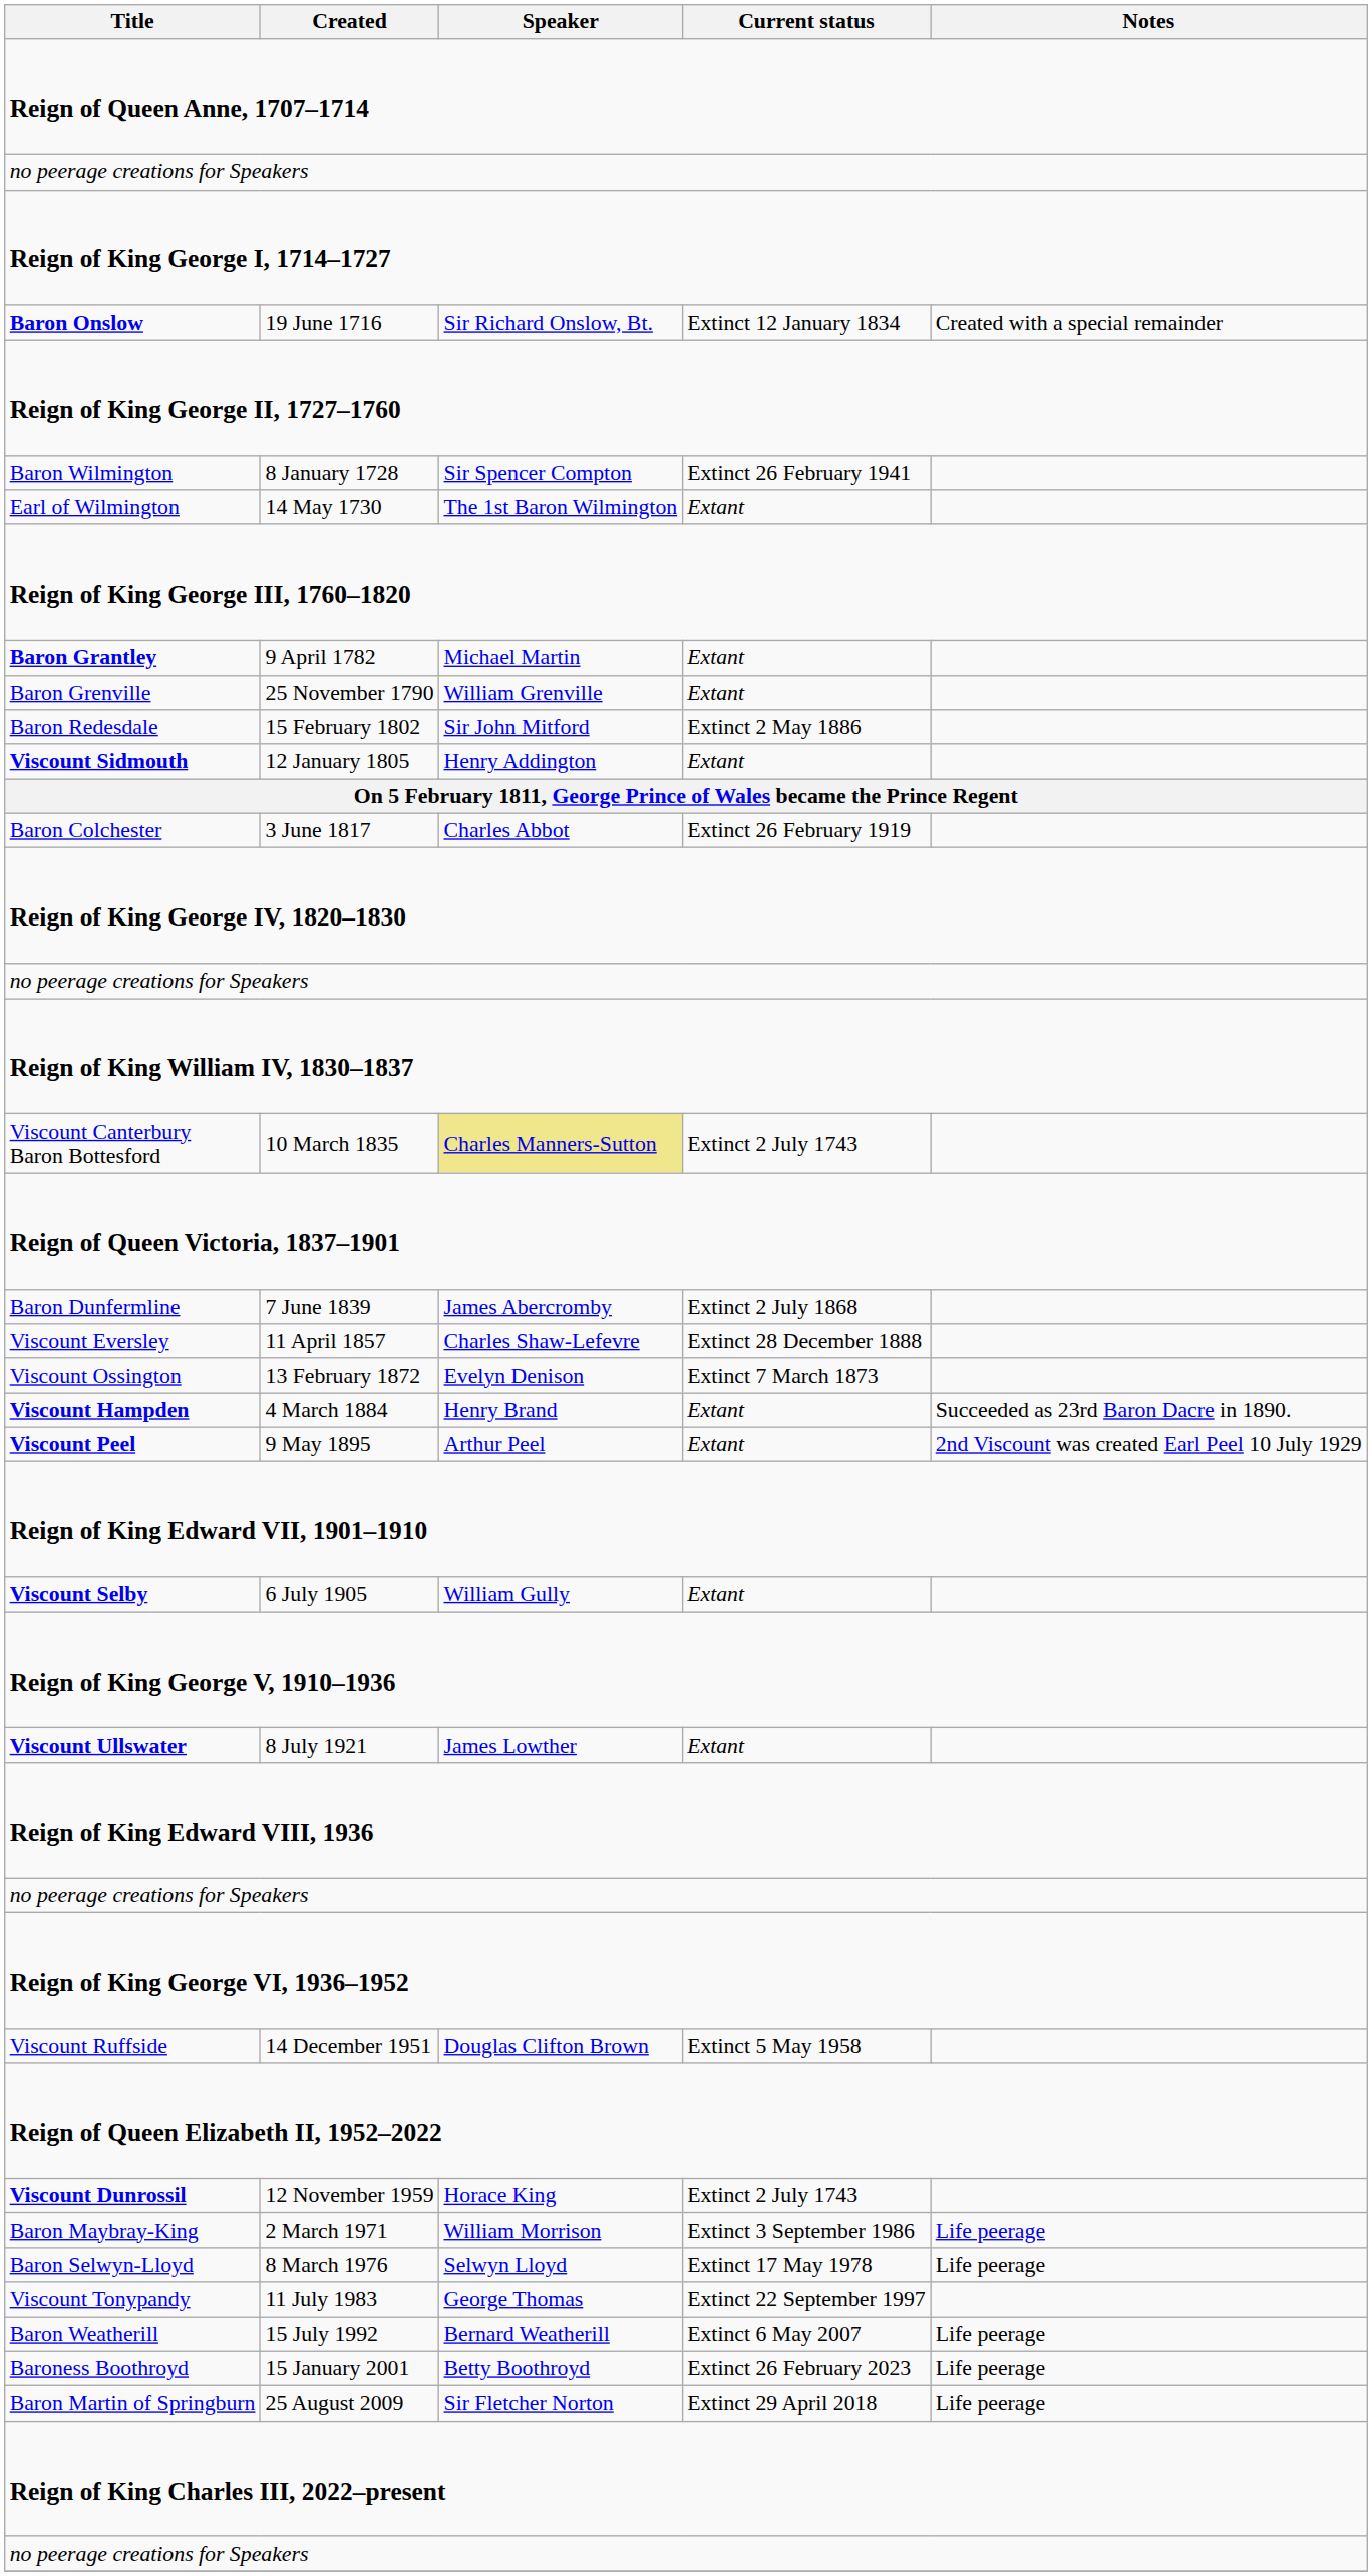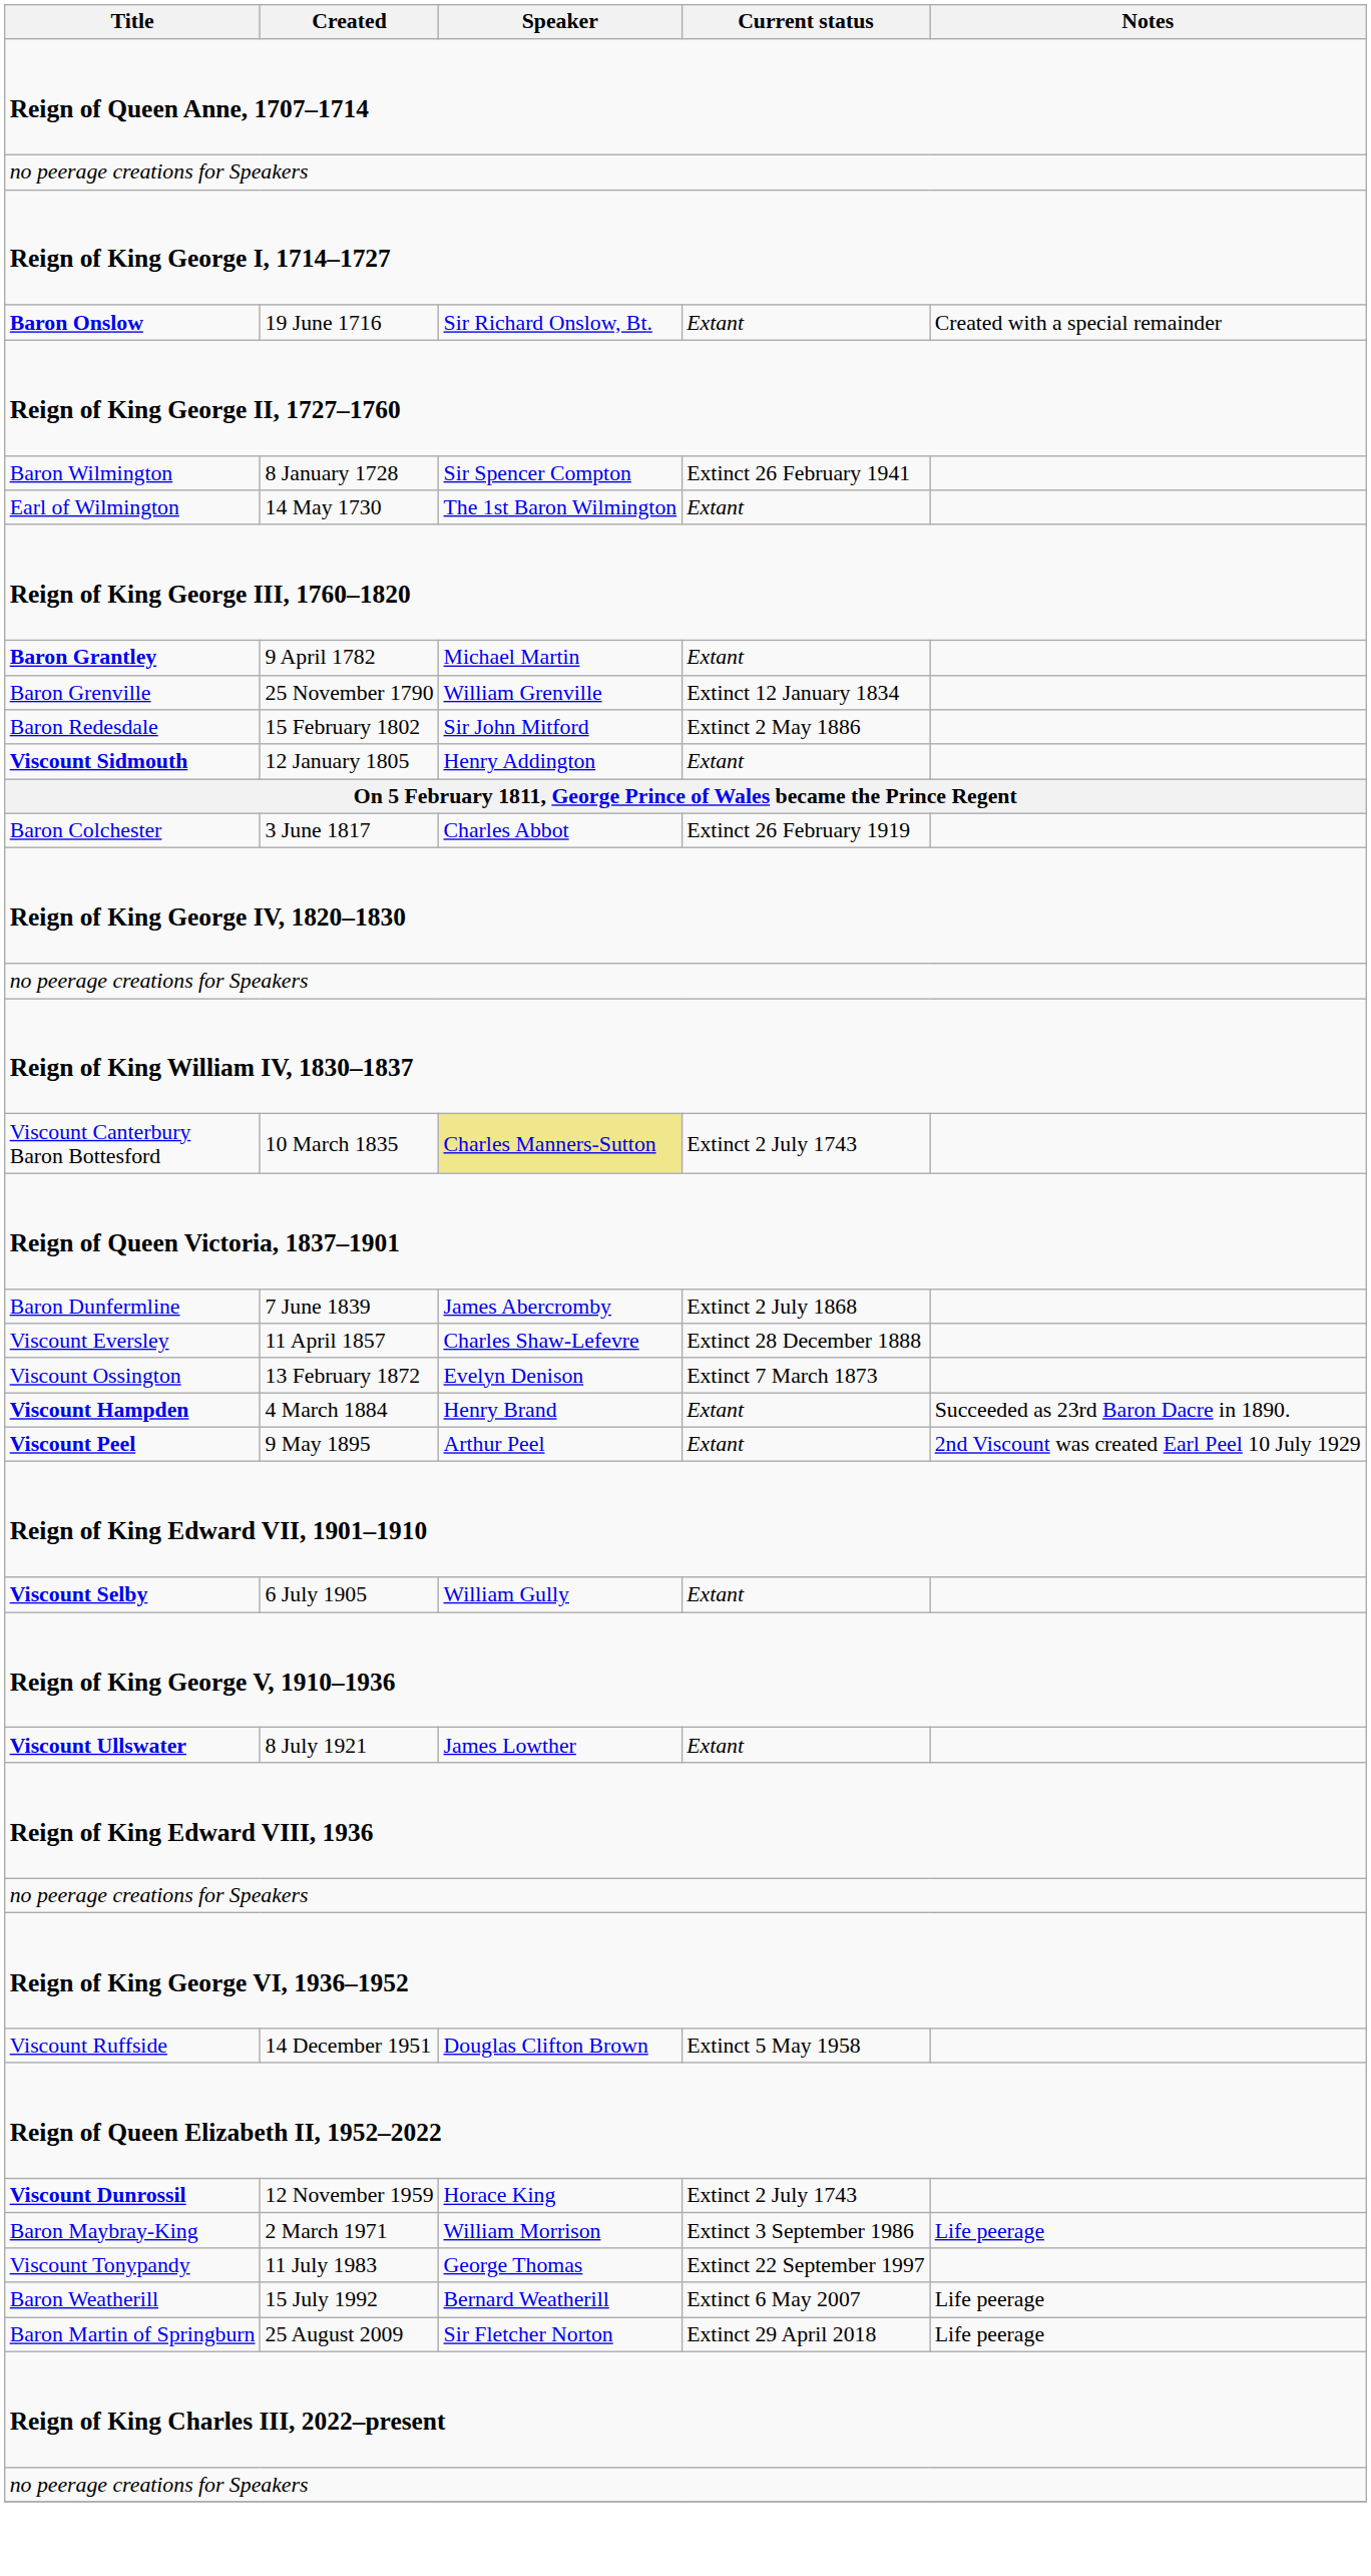 <table class="wikitable">
 <tr>
 <th>Title</th>
 <th>Created</th>
 <th>Speaker</th>
 <th>Current status</th>
 <th>Notes</th>
 </tr>
 <tr>
 <td colspan=5><br><h3>Reign of Queen Anne, 1707–1714</h3></td>
 </tr>
 <tr>
 <td colspan=5><em>no peerage creations for Speakers</em></td>
 </tr>
 <tr>
 <td colspan=5><br><h3>Reign of King George I, 1714–1727</h3></td>
 </tr>
 <tr>
 <td><strong><a href='#'>Baron Onslow</a></strong></td>
 <td>19 June 1716</td>
 <td><a href='#'>Sir Richard Onslow, Bt.</a></td>
-<td>Extinct 12 January 1834</td>
+<td><em>Extant</em></td>
 <td>Created with a special remainder</td>
 </tr>
 <tr>
 <td colspan=5><br><h3>Reign of King George II, 1727–1760</h3></td>
 </tr>
 <tr>
 <td><a href='#'>Baron Wilmington</a></td>
 <td>8 January 1728</td>
 <td><a href='#'>Sir Spencer Compton</a></td>
 <td>Extinct 26 February 1941</td>
 <td></td>
 </tr>
 <tr>
 <td><a href='#'>Earl of Wilmington</a></td>
 <td>14 May 1730</td>
 <td><a href='#'>The 1st Baron Wilmington</a></td>
 <td><em>Extant</em></td>
 <td></td>
 </tr>
 <tr>
 <td colspan=5><br><h3>Reign of King George III, 1760–1820</h3></td>
 </tr>
 <tr>
 <td><strong><a href='#'>Baron Grantley</a></strong></td>
 <td>9 April 1782</td>
 <td><a href='#'>Michael Martin</a></td>
 <td><em>Extant</em></td>
 <td></td>
 </tr>
 <tr>
 <td><a href='#'>Baron Grenville</a></td>
 <td>25 November 1790</td>
 <td><a href='#'>William Grenville</a></td>
-<td><em>Extant</em></td>
+<td>Extinct 12 January 1834</td>
 <td></td>
 </tr>
 <tr>
 <td><a href='#'>Baron Redesdale</a></td>
 <td>15 February 1802</td>
 <td><a href='#'>Sir John Mitford</a></td>
 <td>Extinct 2 May 1886</td>
 <td></td>
 </tr>
 <tr>
 <td><strong><a href='#'>Viscount Sidmouth</a></strong></td>
 <td>12 January 1805</td>
 <td><a href='#'>Henry Addington</a></td>
 <td><em>Extant</em></td>
 <td></td>
 </tr>
 <tr>
 <th colspan=5>On 5 February 1811, <a href='#'>George Prince of Wales</a> became the Prince Regent</th>
 </tr>
 <tr>
 <td><a href='#'>Baron Colchester</a></td>
 <td>3 June 1817</td>
 <td><a href='#'>Charles Abbot</a></td>
 <td>Extinct 26 February 1919</td>
 <td></td>
 </tr>
 <tr>
 <td colspan=5><br><h3>Reign of King George IV, 1820–1830</h3></td>
 </tr>
 <tr>
 <td colspan=5><em>no peerage creations for Speakers</em></td>
 </tr>
 <tr>
 <td colspan=5><br><h3>Reign of King William IV, 1830–1837</h3></td>
 </tr>
 <tr>
 <td><a href='#'>Viscount Canterbury</a><br>Baron Bottesford</td>
 <td>10 March 1835</td>
 <td style="background: khaki;"><a href='#'>Charles Manners-Sutton</a></td>
 <td>Extinct 2 July 1743</td>
 <td></td>
 </tr>
 <tr>
 <td colspan=5><br><h3>Reign of Queen Victoria, 1837–1901</h3></td>
 </tr>
 <tr>
 <td><a href='#'>Baron Dunfermline</a></td>
 <td>7 June 1839</td>
 <td><a href='#'>James Abercromby</a></td>
 <td>Extinct 2 July 1868</td>
 <td></td>
 </tr>
 <tr>
 <td><a href='#'>Viscount Eversley</a></td>
 <td>11 April 1857</td>
 <td><a href='#'>Charles Shaw-Lefevre</a></td>
 <td>Extinct 28 December 1888</td>
 <td></td>
 </tr>
 <tr>
 <td><a href='#'>Viscount Ossington</a></td>
 <td>13 February 1872</td>
 <td><a href='#'>Evelyn Denison</a></td>
 <td>Extinct 7 March 1873</td>
 <td></td>
 </tr>
 <tr>
 <td><strong><a href='#'>Viscount Hampden</a></strong></td>
 <td>4 March 1884</td>
 <td><a href='#'>Henry Brand</a></td>
 <td><em>Extant</em></td>
 <td>Succeeded as 23rd <a href='#'>Baron Dacre</a> in 1890.</td>
 </tr>
 <tr>
 <td><strong><a href='#'>Viscount Peel</a></strong></td>
 <td>9 May 1895</td>
 <td><a href='#'>Arthur Peel</a></td>
 <td><em>Extant</em></td>
 <td><a href='#'>2nd Viscount</a> was created <a href='#'>Earl Peel</a> 10 July 1929</td>
 </tr>
 <tr>
 <td colspan=5><br><h3>Reign of King Edward VII, 1901–1910</h3></td>
 </tr>
 <tr>
 <td><strong><a href='#'>Viscount Selby</a></strong></td>
 <td>6 July 1905</td>
 <td><a href='#'>William Gully</a></td>
 <td><em>Extant</em></td>
 <td></td>
 </tr>
 <tr>
 <td colspan=5><br><h3>Reign of King George V, 1910–1936</h3></td>
 </tr>
 <tr>
 <td><strong><a href='#'>Viscount Ullswater</a></strong></td>
 <td>8 July 1921</td>
 <td><a href='#'>James Lowther</a></td>
 <td><em>Extant</em></td>
 <td></td>
 </tr>
 <tr>
 <td colspan=5><br><h3>Reign of King Edward VIII, 1936</h3></td>
 </tr>
 <tr>
 <td colspan=5><em>no peerage creations for Speakers</em></td>
 </tr>
 <tr>
 <td colspan=5><br><h3>Reign of King George VI, 1936–1952</h3></td>
 </tr>
 <tr>
 <td><a href='#'>Viscount Ruffside</a></td>
 <td>14 December 1951</td>
 <td><a href='#'>Douglas Clifton Brown</a></td>
 <td>Extinct 5 May 1958</td>
 <td></td>
 </tr>
 <tr>
 <td colspan=5><br><h3>Reign of Queen Elizabeth II, 1952–2022</h3></td>
 </tr>
 <tr>
 <td><strong><a href='#'>Viscount Dunrossil</a></strong></td>
 <td>12 November 1959</td>
 <td><a href='#'>Horace King</a></td>
 <td>Extinct 2 July 1743</td>
 <td></td>
 </tr>
 <tr>
 <td><a href='#'>Baron Maybray-King</a></td>
 <td>2 March 1971</td>
 <td><a href='#'>William Morrison</a></td>
 <td>Extinct 3 September 1986</td>
 <td><a href='#'>Life peerage</a></td>
 </tr>
 <tr>
-<td><a href='#'>Baron Selwyn-Lloyd</a></td>
-<td>8 March 1976</td>
-<td><a href='#'>Selwyn Lloyd</a></td>
-<td>Extinct 17 May 1978</td>
-<td>Life peerage</td>
-</tr>
-<tr>
 <td><a href='#'>Viscount Tonypandy</a></td>
 <td>11 July 1983</td>
 <td><a href='#'>George Thomas</a></td>
 <td>Extinct 22 September 1997</td>
 <td></td>
 </tr>
 <tr>
 <td><a href='#'>Baron Weatherill</a></td>
 <td>15 July 1992</td>
 <td><a href='#'>Bernard Weatherill</a></td>
 <td>Extinct 6 May 2007</td>
-<td>Life peerage</td>
-</tr>
-<tr>
-<td><a href='#'>Baroness Boothroyd</a></td>
-<td>15 January 2001</td>
-<td><a href='#'>Betty Boothroyd</a></td>
-<td>Extinct 26 February 2023</td>
 <td>Life peerage</td>
 </tr>
 <tr>
 <td><a href='#'>Baron Martin of Springburn</a></td>
 <td>25 August 2009</td>
 <td><a href='#'>Sir Fletcher Norton</a></td>
 <td>Extinct 29 April 2018</td>
 <td>Life peerage</td>
 </tr>
 <tr>
 <td colspan=5><br><h3>Reign of King Charles III, 2022–present</h3></td>
 </tr>
 <tr>
 <td colspan=5><em>no peerage creations for Speakers</em></td>
 </tr>
 <tr>
 </tr>
 </table>
